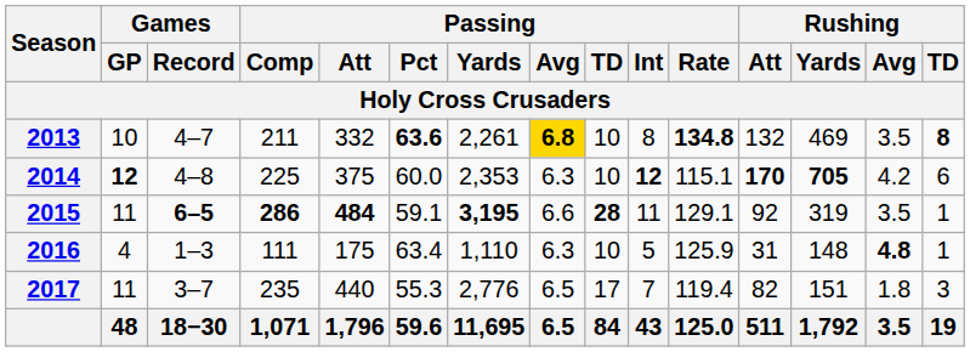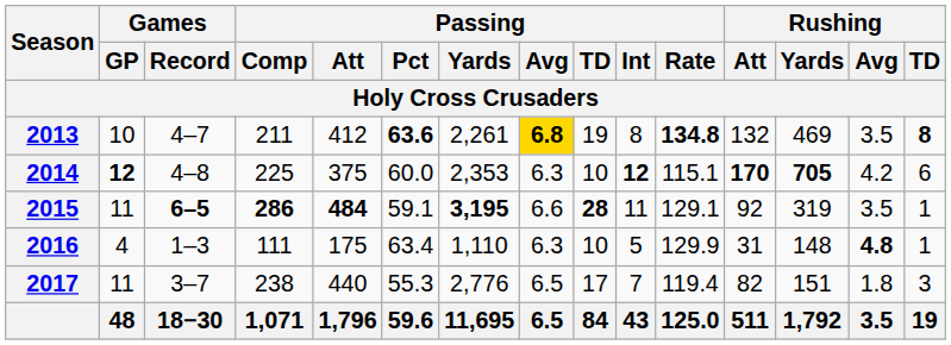 <table class="wikitable" style="text-align:center;">
 <tr>
 <th rowspan="2">Season</th>
 <th colspan="2">Games</th>
 <th colspan="8">Passing</th>
 <th colspan="4">Rushing</th>
 </tr>
 <tr>
 <th>GP</th>
 <th>Record</th>
 <th>Comp</th>
 <th>Att</th>
 <th>Pct</th>
 <th>Yards</th>
 <th>Avg</th>
 <th>TD</th>
 <th>Int</th>
 <th>Rate</th>
 <th>Att</th>
 <th>Yards</th>
 <th>Avg</th>
 <th>TD</th>
 </tr>
 <tr>
 <th colspan="16">Holy Cross Crusaders</th>
 </tr>
 <tr>
 <th><a href='#'>2013</a></th>
 <td>10</td>
 <td>4–7</td>
 <td>211</td>
-<td>332</td>
+<td>412</td>
 <td><strong>63.6</strong></td>
 <td>2,261</td>
 <td style="background: gold;"><strong>6.8</strong></td>
-<td>10</td>
+<td>19</td>
 <td>8</td>
 <td><strong>134.8</strong></td>
 <td>132</td>
 <td>469</td>
 <td>3.5</td>
 <td><strong>8</strong></td>
 </tr>
 <tr>
 <th><a href='#'>2014</a></th>
 <td><strong>12</strong></td>
 <td>4–8</td>
 <td>225</td>
 <td>375</td>
 <td>60.0</td>
 <td>2,353</td>
 <td>6.3</td>
 <td>10</td>
 <td><strong>12</strong></td>
 <td>115.1</td>
 <td><strong>170</strong></td>
 <td><strong>705</strong></td>
 <td>4.2</td>
 <td>6</td>
 </tr>
 <tr>
 <th><a href='#'>2015</a></th>
 <td>11</td>
 <td><strong>6–5</strong></td>
 <td><strong>286</strong></td>
 <td><strong>484</strong></td>
 <td>59.1</td>
 <td><strong>3,195</strong></td>
 <td>6.6</td>
 <td><strong>28</strong></td>
 <td>11</td>
 <td>129.1</td>
 <td>92</td>
 <td>319</td>
 <td>3.5</td>
 <td>1</td>
 </tr>
 <tr>
 <th><a href='#'>2016</a></th>
 <td>4</td>
 <td>1–3</td>
 <td>111</td>
 <td>175</td>
 <td>63.4</td>
 <td>1,110</td>
 <td>6.3</td>
 <td>10</td>
 <td>5</td>
-<td>125.9</td>
+<td>129.9</td>
 <td>31</td>
 <td>148</td>
 <td><strong>4.8</strong></td>
 <td>1</td>
 </tr>
 <tr>
 <th><a href='#'>2017</a></th>
 <td>11</td>
 <td>3–7</td>
-<td>235</td>
+<td>238</td>
 <td>440</td>
 <td>55.3</td>
 <td>2,776</td>
 <td>6.5</td>
 <td>17</td>
 <td>7</td>
 <td>119.4</td>
 <td>82</td>
 <td>151</td>
 <td>1.8</td>
 <td>3</td>
 </tr>
 <tr>
 <th></th>
 <th>48</th>
 <th>18−30</th>
 <th>1,071</th>
 <th>1,796</th>
 <th>59.6</th>
 <th>11,695</th>
 <th>6.5</th>
 <th>84</th>
 <th>43</th>
 <th>125.0</th>
 <th>511</th>
 <th>1,792</th>
 <th>3.5</th>
 <th>19</th>
 </tr>
 </table>
